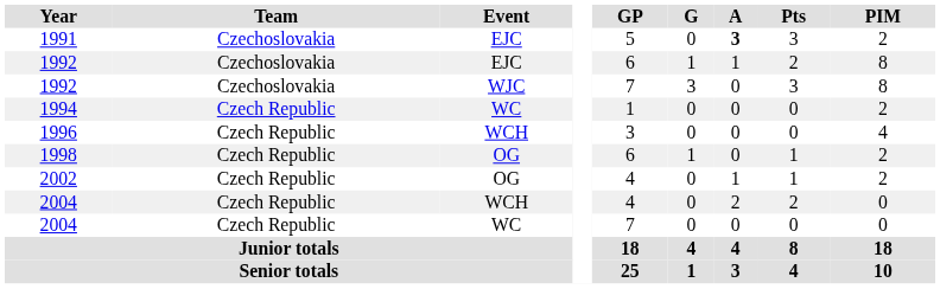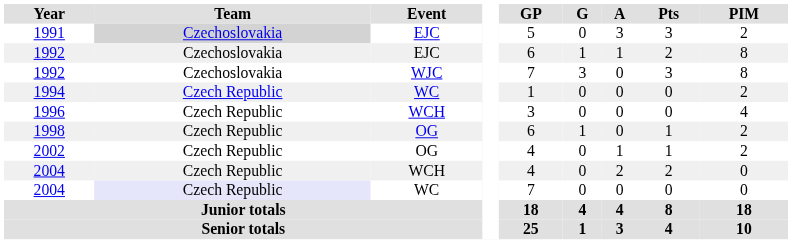 <table border="0" cellpadding="1" cellspacing="0" style="text-align:center; width:50em;">
 <tr bgcolor="#e0e0e0">
 <th>Year</th>
 <th>Team</th>
 <th>Event</th>
 <th rowspan="99" bgcolor="#ffffff"> </th>
 <th>GP</th>
 <th>G</th>
 <th>A</th>
 <th>Pts</th>
 <th>PIM</th>
 </tr>
 <tr>
 <td><a href='#'>1991</a></td>
-<td><a href='#'>Czechoslovakia</a></td>
+<td style="background: lightgrey;"><a href='#'>Czechoslovakia</a></td>
 <td><a href='#'>EJC</a></td>
 <td>5</td>
 <td>0</td>
-<td><strong>3</strong></td>
+<td>3</td>
 <td>3</td>
 <td>2</td>
 </tr>
 <tr bgcolor="#f0f0f0">
 <td><a href='#'>1992</a></td>
 <td>Czechoslovakia</td>
 <td>EJC</td>
 <td>6</td>
 <td>1</td>
 <td>1</td>
 <td>2</td>
 <td>8</td>
 </tr>
 <tr>
 <td><a href='#'>1992</a></td>
 <td>Czechoslovakia</td>
 <td><a href='#'>WJC</a></td>
 <td>7</td>
 <td>3</td>
 <td>0</td>
 <td>3</td>
 <td>8</td>
 </tr>
 <tr bgcolor="#f0f0f0">
 <td><a href='#'>1994</a></td>
 <td><a href='#'>Czech Republic</a></td>
 <td><a href='#'>WC</a></td>
 <td>1</td>
 <td>0</td>
 <td>0</td>
 <td>0</td>
 <td>2</td>
 </tr>
 <tr>
 <td><a href='#'>1996</a></td>
 <td>Czech Republic</td>
 <td><a href='#'>WCH</a></td>
 <td>3</td>
 <td>0</td>
 <td>0</td>
 <td>0</td>
 <td>4</td>
 </tr>
 <tr bgcolor="#f0f0f0">
 <td><a href='#'>1998</a></td>
 <td>Czech Republic</td>
 <td><a href='#'>OG</a></td>
 <td>6</td>
 <td>1</td>
 <td>0</td>
 <td>1</td>
 <td>2</td>
 </tr>
 <tr>
 <td><a href='#'>2002</a></td>
 <td>Czech Republic</td>
 <td>OG</td>
 <td>4</td>
 <td>0</td>
 <td>1</td>
 <td>1</td>
 <td>2</td>
 </tr>
 <tr bgcolor="#f0f0f0">
 <td><a href='#'>2004</a></td>
 <td>Czech Republic</td>
 <td>WCH</td>
 <td>4</td>
 <td>0</td>
 <td>2</td>
 <td>2</td>
 <td>0</td>
 </tr>
 <tr>
 <td><a href='#'>2004</a></td>
-<td>Czech Republic</td>
+<td style="background: lavender;">Czech Republic</td>
 <td>WC</td>
 <td>7</td>
 <td>0</td>
 <td>0</td>
 <td>0</td>
 <td>0</td>
 </tr>
 <tr bgcolor="#e0e0e0">
 <th colspan="3">Junior totals</th>
 <th>18</th>
 <th>4</th>
 <th>4</th>
 <th>8</th>
 <th>18</th>
 </tr>
 <tr bgcolor="#e0e0e0">
 <th colspan="3">Senior totals</th>
 <th>25</th>
 <th>1</th>
 <th>3</th>
 <th>4</th>
 <th>10</th>
 </tr>
 </table>
